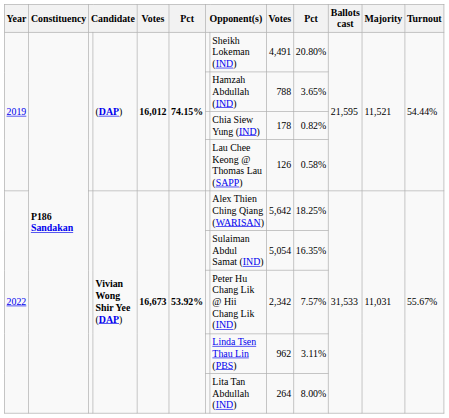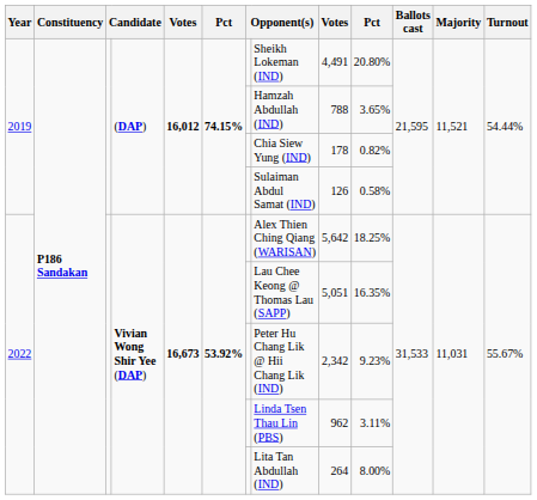 <table class="wikitable" style="margin:0.5em ; font-size:95%">
 <tr>
 <th>Year</th>
 <th>Constituency</th>
 <th colspan=2>Candidate</th>
 <th>Votes</th>
 <th>Pct</th>
 <th colspan=2>Opponent(s)</th>
 <th>Votes</th>
 <th>Pct</th>
 <th>Ballots cast</th>
 <th>Majority</th>
 <th>Turnout</th>
 </tr>
 <tr>
 <td rowspan="4"><a href='#'>2019</a></td>
 <td rowspan="9"><strong>P186 <a href='#'>Sandakan</a></strong></td>
 <td rowspan="4" ></td>
 <td rowspan="4"><strong></strong> (<a href='#'><strong>DAP</strong></a>)</td>
 <td rowspan="4" align=right><strong>16,012</strong></td>
 <td rowspan="4"><strong>74.15%</strong></td>
 <td></td>
 <td>Sheikh Lokeman (<a href='#'>IND</a>)</td>
 <td align=right>4,491</td>
 <td>20.80%</td>
 <td rowspan=4>21,595</td>
 <td rowspan=4>11,521</td>
 <td rowspan=4>54.44%</td>
 </tr>
 <tr>
 <td></td>
 <td>Hamzah Abdullah  (<a href='#'>IND</a>)</td>
 <td align=right>788</td>
 <td align=right>3.65%</td>
 </tr>
 <tr>
 <td></td>
 <td>Chia Siew Yung  (<a href='#'>IND</a>)</td>
 <td align=right>178</td>
 <td align=right>0.82%</td>
 </tr>
 <tr>
 <td></td>
-<td>Lau Chee Keong @ Thomas Lau (<a href='#'>SAPP</a>)</td>
+<td>Sulaiman Abdul Samat  (<a href='#'>IND</a>)</td>
 <td align=right>126</td>
 <td align=right>0.58%</td>
 </tr>
 <tr>
 <td rowspan="5"><a href='#'>2022</a></td>
 <td rowspan="5" ></td>
 <td rowspan="5"><strong>Vivian Wong Shir Yee</strong> (<a href='#'><strong>DAP</strong></a>)</td>
 <td rowspan="5" align=right><strong>16,673</strong></td>
 <td rowspan="5"><strong>53.92%</strong></td>
 <td></td>
 <td>Alex Thien Ching Qiang (<a href='#'>WARISAN</a>)</td>
 <td align=right>5,642</td>
 <td>18.25%</td>
 <td rowspan=5>31,533</td>
 <td rowspan=5>11,031</td>
 <td rowspan=5>55.67%</td>
 </tr>
 <tr>
 <td></td>
-<td>Sulaiman Abdul Samat  (<a href='#'>IND</a>)</td>
-<td align=right>5,054</td>
+<td>Lau Chee Keong @ Thomas Lau (<a href='#'>SAPP</a>)</td>
+<td align=right>5,051</td>
 <td>16.35%</td>
 </tr>
 <tr>
 <td></td>
 <td>Peter Hu Chang Lik @ Hii Chang Lik (<a href='#'>IND</a>)</td>
 <td align=right>2,342</td>
-<td align=right>7.57%</td>
+<td align=right>9.23%</td>
 </tr>
 <tr>
 <td></td>
 <td><a href='#'>Linda Tsen Thau Lin</a> (<a href='#'>PBS</a>)</td>
 <td align=right>962</td>
 <td align=right>3.11%</td>
 </tr>
 <tr>
 <td></td>
 <td>Lita Tan Abdullah (<a href='#'>IND</a>)</td>
 <td align=right>264</td>
 <td align=right>8.00%</td>
 </tr>
 </table>
